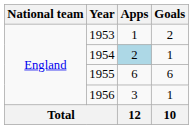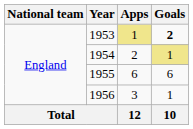 <table class="wikitable" style="text-align:center">
 <tr>
 <th>National team</th>
 <th>Year</th>
 <th>Apps</th>
 <th>Goals</th>
 </tr>
 <tr>
 <td rowspan="4"><a href='#'>England</a></td>
 <td>1953</td>
-<td>1</td>
-<td>2</td>
+<td style="background: khaki;">1</td>
+<td><strong>2</strong></td>
 </tr>
 <tr>
 <td>1954</td>
-<td style="background: lightblue;">2</td>
-<td>1</td>
+<td>2</td>
+<td style="background: khaki;">1</td>
 </tr>
 <tr>
 <td>1955</td>
 <td>6</td>
 <td>6</td>
 </tr>
 <tr>
 <td>1956</td>
 <td>3</td>
 <td>1</td>
 </tr>
 <tr>
 <th colspan="2">Total</th>
 <th>12</th>
 <th>10</th>
 </tr>
 </table>
